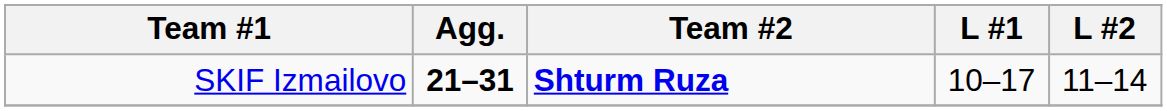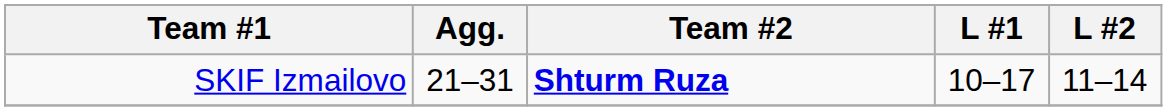 <table class=wikitable style="text-align:center">
 <tr>
 <th width=200>Team #1</th>
 <th width=50>Agg.</th>
 <th width=200>Team #2</th>
 <th width=50>L #1</th>
 <th width=50>L #2</th>
 </tr>
 <tr>
 <td align=right><a href='#'>SKIF Izmailovo</a> </td>
-<td align=center><strong>21–31</strong></td>
+<td align=center>21–31</td>
 <td align=left> <strong><a href='#'>Shturm Ruza</a></strong></td>
 <td align=center>10–17</td>
 <td align=center>11–14</td>
 </tr>
 <tr>
 </tr>
 </table>
